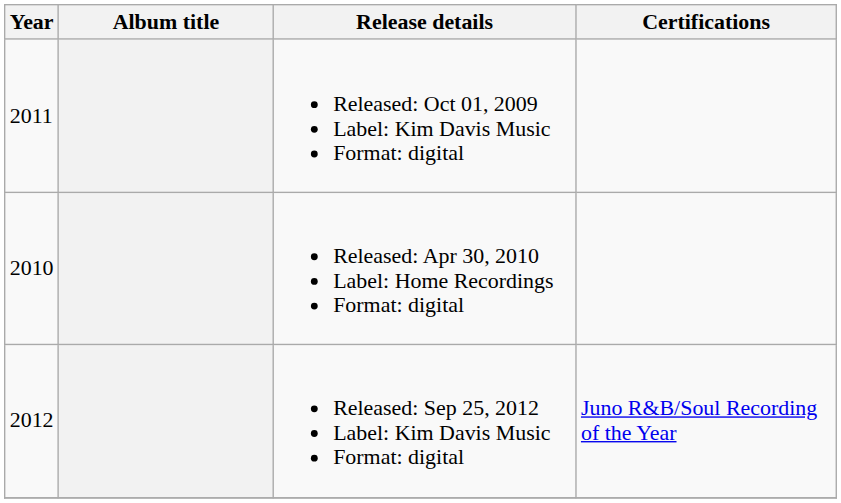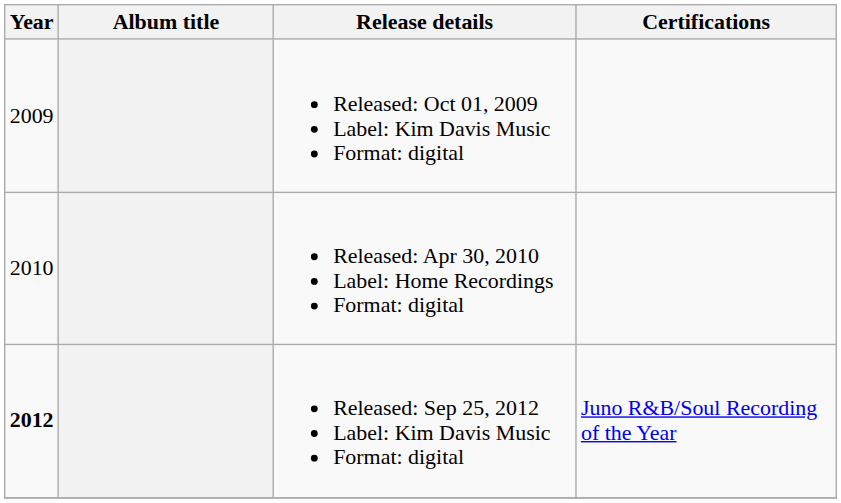 <table class="wikitable plainrowheaders" style="text-align:left;">
 <tr>
 <th>Year</th>
 <th scope="col" rowspan="1" style="width:10em;">Album title</th>
 <th scope="col" rowspan="1" style="width:14em;">Release details</th>
 <th scope="col" rowspan="1" style="width:12em;">Certifications</th>
 </tr>
 <tr>
-<td>2011</td>
+<td>2009</td>
 <th></th>
 <td><br><ul><li>Released: Oct 01, 2009</li><li>Label: Kim Davis Music</li><li>Format: digital</li></ul></td>
 <td></td>
 </tr>
 <tr>
 <td>2010</td>
 <th></th>
 <td><br><ul><li>Released: Apr 30, 2010</li><li>Label: Home Recordings</li><li>Format: digital</li></ul></td>
 <td></td>
 </tr>
 <tr>
-<td>2012</td>
+<td><strong>2012</strong></td>
 <th></th>
 <td><br><ul><li>Released: Sep 25, 2012</li><li>Label: Kim Davis Music</li><li>Format: digital</li></ul></td>
 <td Nominated:><a href='#'>Juno R&B/Soul Recording of the Year</a></td>
 </tr>
 <tr>
 </tr>
 </table>
